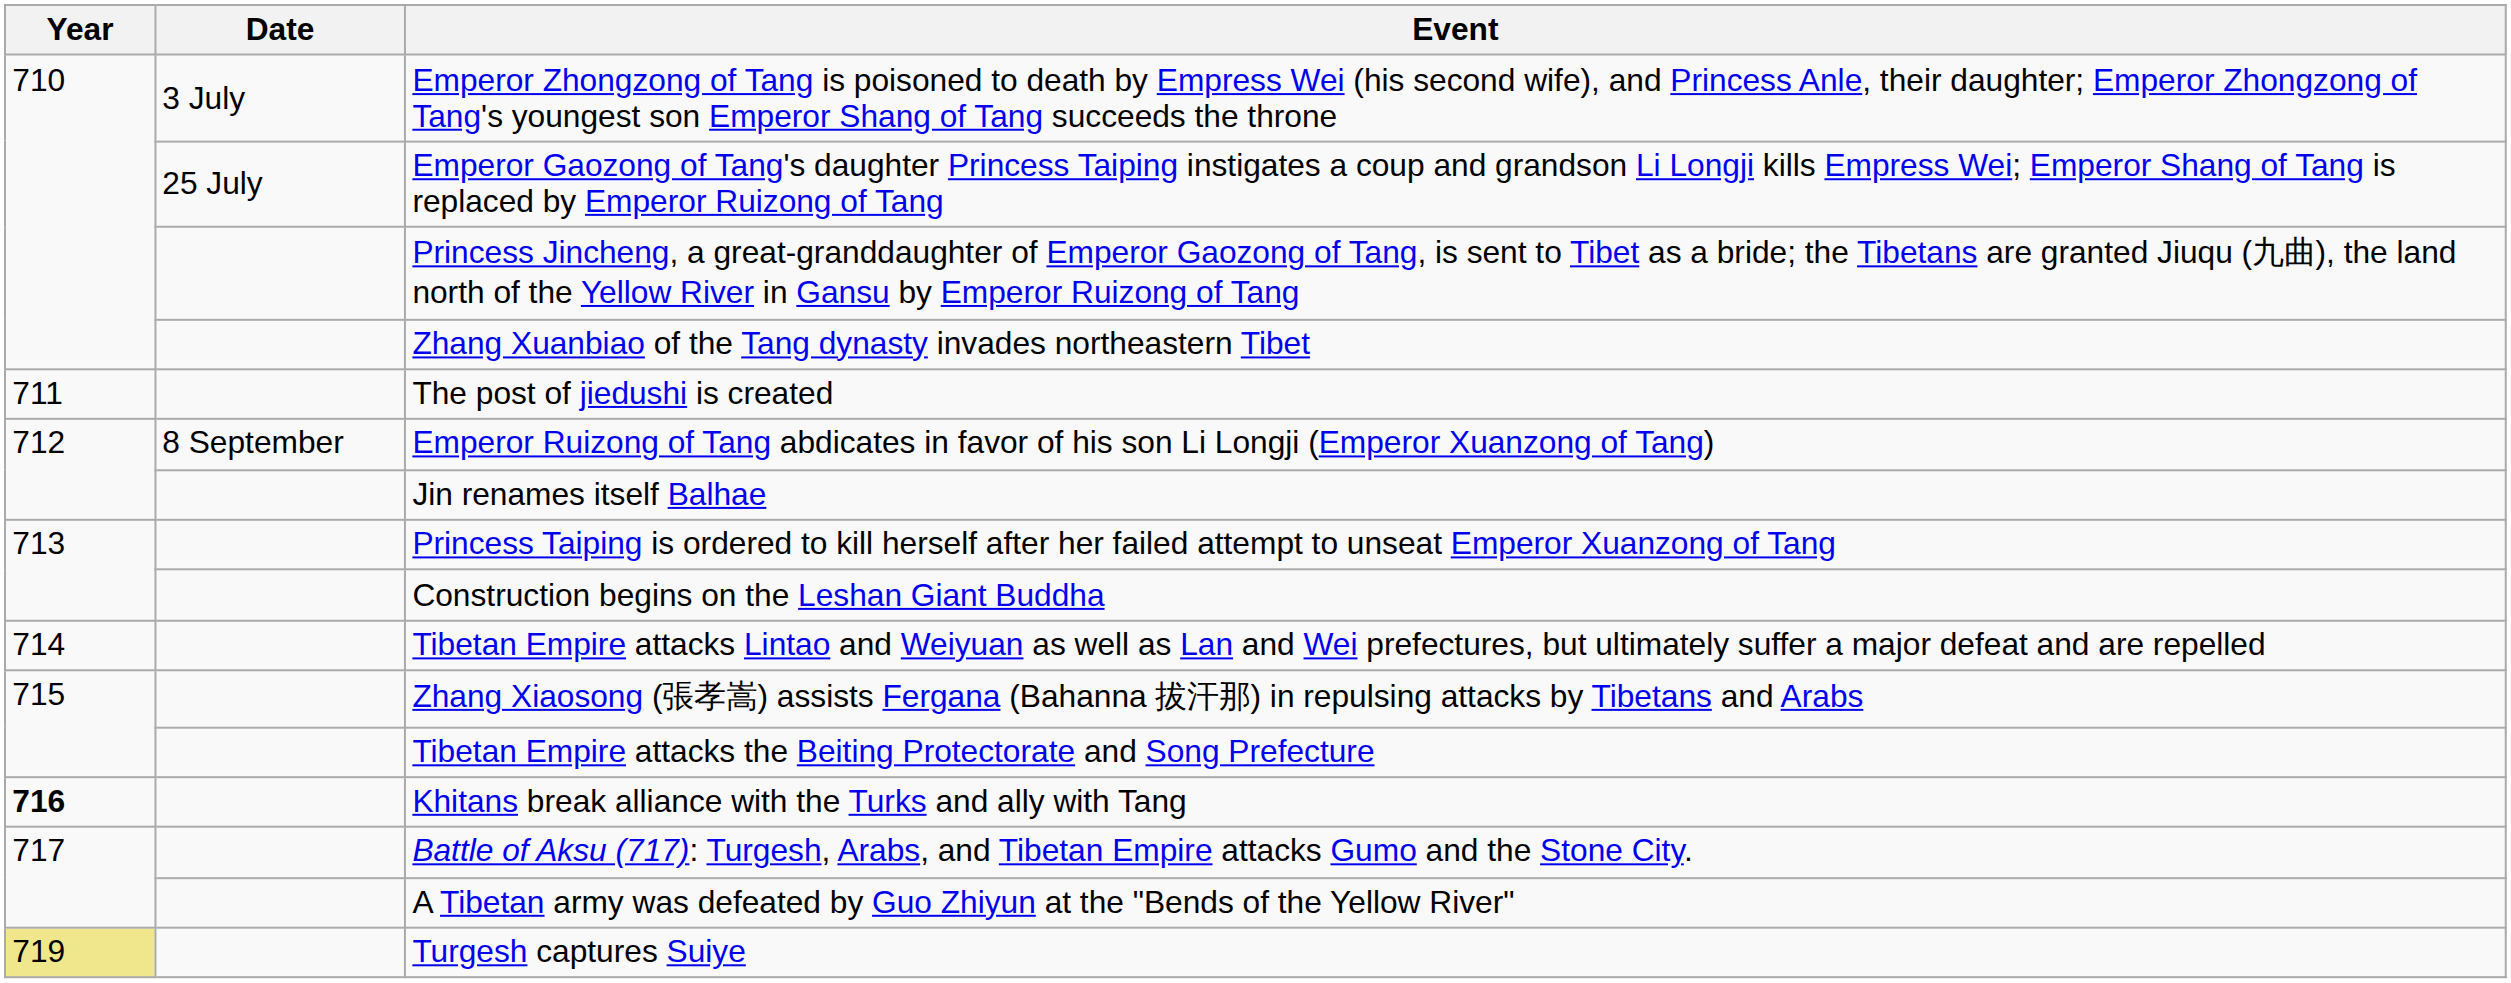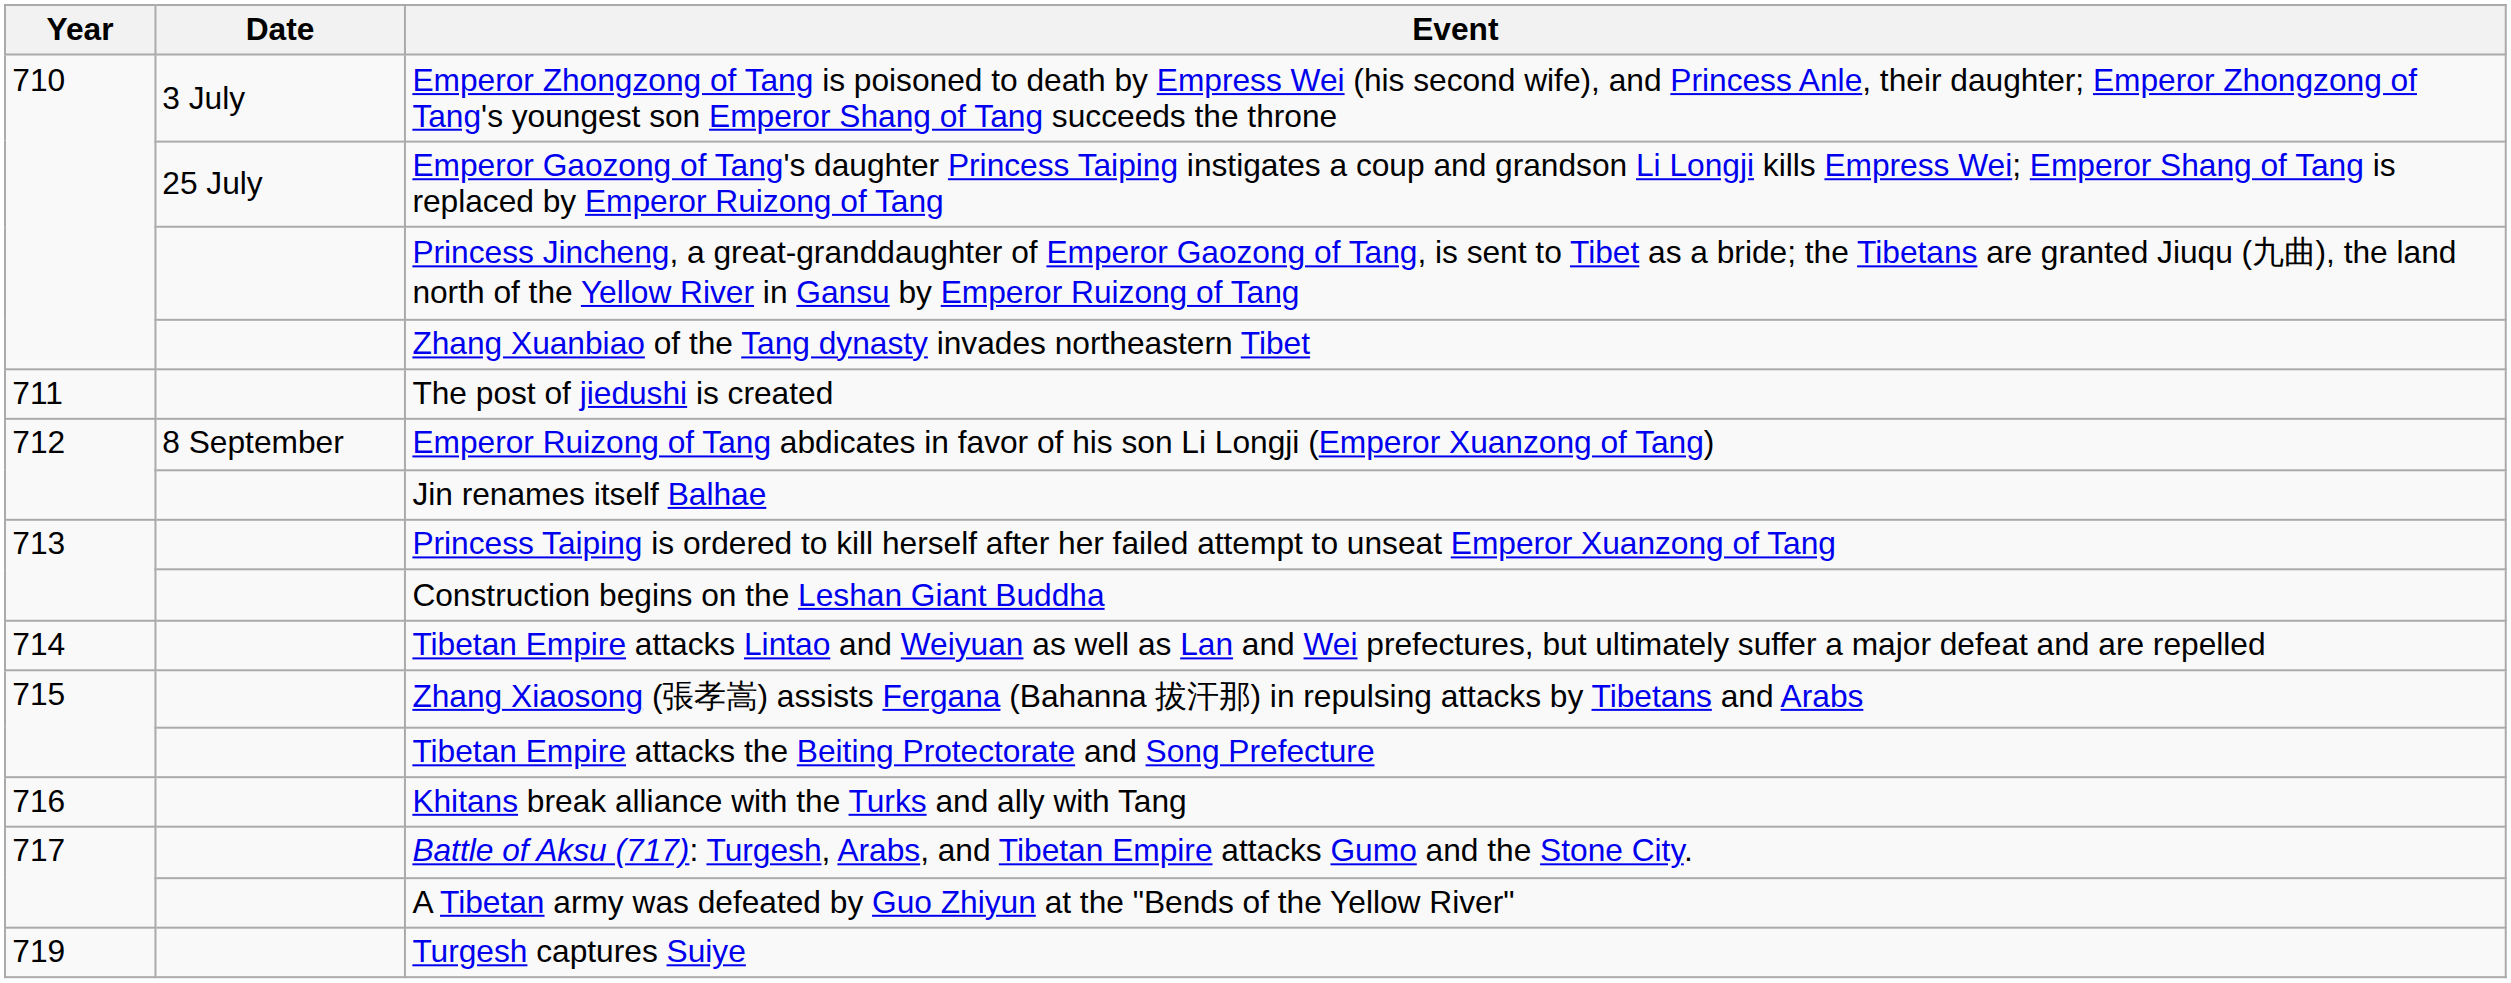 <table class="wikitable" width="100%">
 <tr>
 <th style="width:6%">Year</th>
 <th style="width:10%">Date</th>
 <th>Event</th>
 </tr>
 <tr>
 <td rowspan="4" valign="top">710</td>
 <td>3 July</td>
 <td><a href='#'>Emperor Zhongzong of Tang</a> is poisoned to death by <a href='#'>Empress Wei</a> (his second wife), and <a href='#'>Princess Anle</a>, their daughter; <a href='#'>Emperor Zhongzong of Tang</a>'s youngest son <a href='#'>Emperor Shang of Tang</a> succeeds the throne</td>
 </tr>
 <tr>
 <td>25 July</td>
 <td><a href='#'>Emperor Gaozong of Tang</a>'s daughter <a href='#'>Princess Taiping</a> instigates a coup and grandson <a href='#'>Li Longji</a> kills <a href='#'>Empress Wei</a>; <a href='#'>Emperor Shang of Tang</a> is replaced by <a href='#'>Emperor Ruizong of Tang</a></td>
 </tr>
 <tr>
 <td></td>
 <td><a href='#'>Princess Jincheng</a>, a great-granddaughter of <a href='#'>Emperor Gaozong of Tang</a>, is sent to <a href='#'>Tibet</a> as a bride; the <a href='#'>Tibetans</a> are granted Jiuqu (九曲), the land north of the <a href='#'>Yellow River</a> in <a href='#'>Gansu</a> by <a href='#'>Emperor Ruizong of Tang</a></td>
 </tr>
 <tr>
 <td></td>
 <td><a href='#'>Zhang Xuanbiao</a> of the <a href='#'>Tang dynasty</a> invades northeastern <a href='#'>Tibet</a></td>
 </tr>
 <tr>
 <td>711</td>
 <td></td>
 <td>The post of <a href='#'>jiedushi</a> is created</td>
 </tr>
 <tr>
 <td rowspan="2" valign="top">712</td>
 <td>8 September</td>
 <td><a href='#'>Emperor Ruizong of Tang</a> abdicates in favor of his son Li Longji (<a href='#'>Emperor Xuanzong of Tang</a>)</td>
 </tr>
 <tr>
 <td></td>
 <td>Jin renames itself <a href='#'>Balhae</a></td>
 </tr>
 <tr>
 <td rowspan="2" valign="top">713</td>
 <td></td>
 <td><a href='#'>Princess Taiping</a> is ordered to kill herself after her failed attempt to unseat <a href='#'>Emperor Xuanzong of Tang</a></td>
 </tr>
 <tr>
 <td></td>
 <td>Construction begins on the <a href='#'>Leshan Giant Buddha</a></td>
 </tr>
 <tr>
 <td>714</td>
 <td></td>
 <td><a href='#'>Tibetan Empire</a> attacks <a href='#'>Lintao</a> and <a href='#'>Weiyuan</a> as well as <a href='#'>Lan</a> and <a href='#'>Wei</a> prefectures, but ultimately suffer a major defeat and are repelled</td>
 </tr>
 <tr>
 <td rowspan="2" valign="top">715</td>
 <td></td>
 <td><a href='#'>Zhang Xiaosong</a> (張孝嵩) assists <a href='#'>Fergana</a> (Bahanna 拔汗那) in repulsing attacks by <a href='#'>Tibetans</a> and <a href='#'>Arabs</a></td>
 </tr>
 <tr>
 <td></td>
 <td><a href='#'>Tibetan Empire</a> attacks the <a href='#'>Beiting Protectorate</a> and <a href='#'>Song Prefecture</a></td>
 </tr>
 <tr>
-<td><strong>716</strong></td>
+<td>716</td>
 <td></td>
 <td><a href='#'>Khitans</a> break alliance with the <a href='#'>Turks</a> and ally with Tang</td>
 </tr>
 <tr>
 <td rowspan="2" valign="top">717</td>
 <td></td>
 <td><em><a href='#'>Battle of Aksu (717)</a></em>: <a href='#'>Turgesh</a>, <a href='#'>Arabs</a>, and <a href='#'>Tibetan Empire</a> attacks <a href='#'>Gumo</a> and the <a href='#'>Stone City</a>.</td>
 </tr>
 <tr>
 <td></td>
 <td>A <a href='#'>Tibetan</a> army was defeated by <a href='#'>Guo Zhiyun</a> at the "Bends of the Yellow River"</td>
 </tr>
 <tr>
-<td style="background: khaki;">719</td>
+<td>719</td>
 <td></td>
 <td><a href='#'>Turgesh</a> captures <a href='#'>Suiye</a></td>
 </tr>
 </table>
